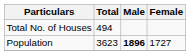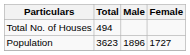 <table class="wikitable sortable">
 <tr>
 <th>Particulars</th>
 <th>Total</th>
 <th>Male</th>
 <th>Female</th>
 </tr>
 <tr>
 <td>Total No. of Houses</td>
 <td>494</td>
 <td></td>
 <td></td>
 </tr>
 <tr>
 <td>Population</td>
 <td>3623</td>
-<td><strong>1896</strong></td>
+<td>1896</td>
 <td>1727</td>
 </tr>
 <tr>
 </tr>
 </table>
